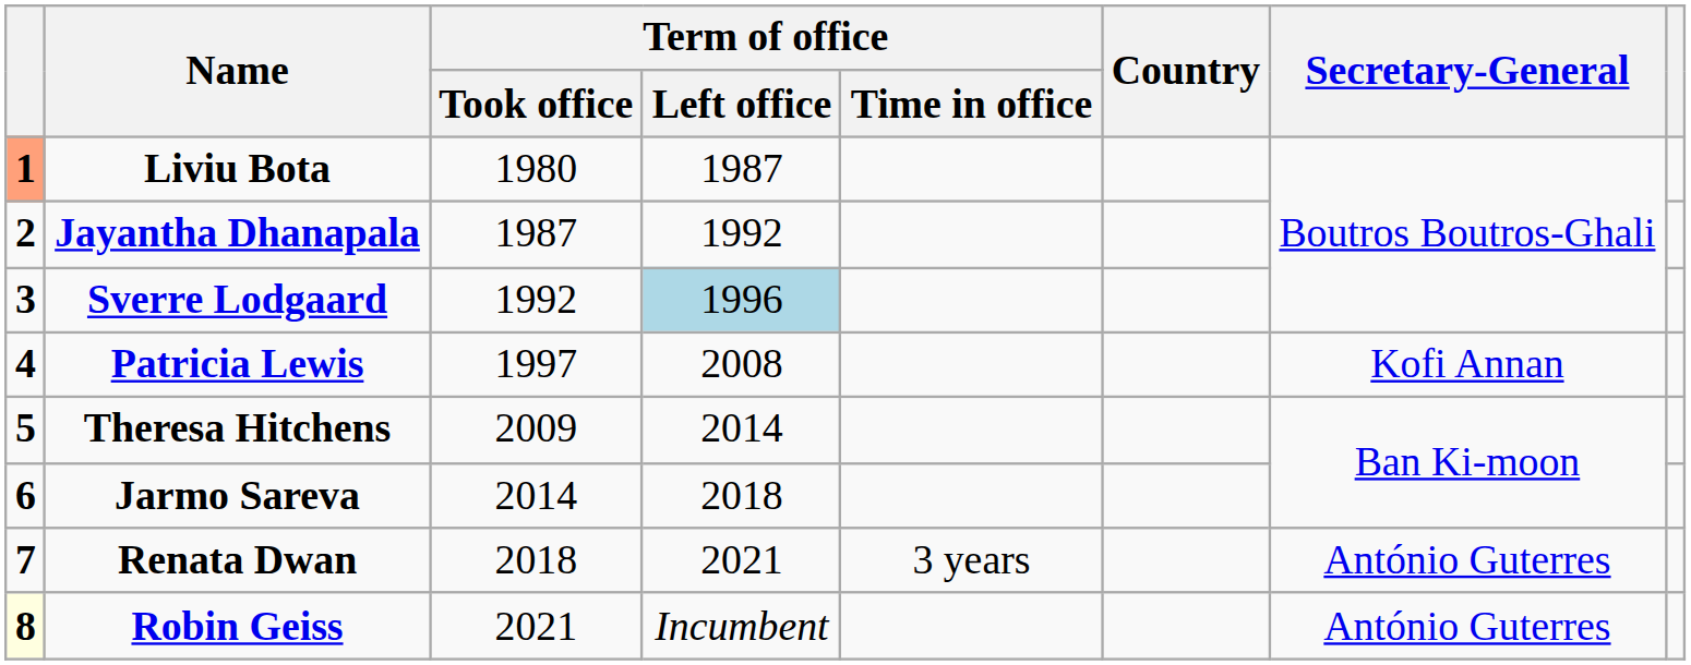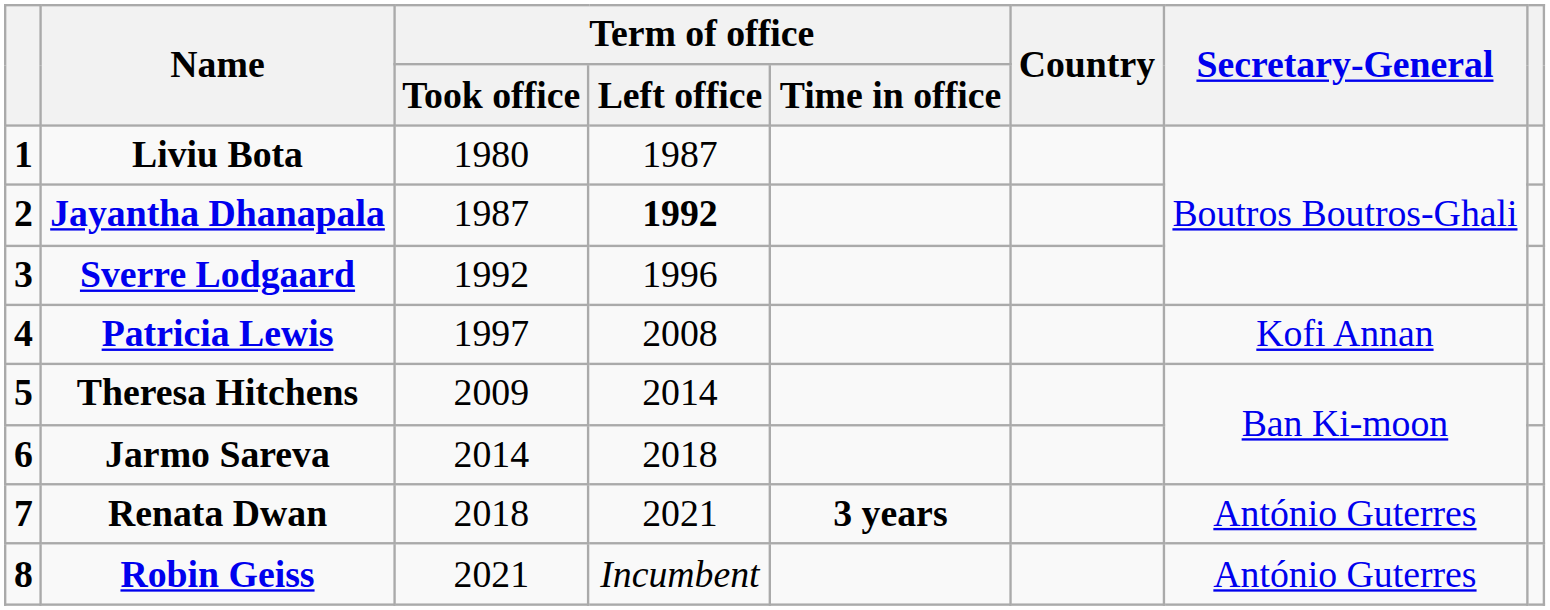 <table class="wikitable" style="text-align:center">
 <tr>
 <th rowspan=2></th>
 <th rowspan=2>Name<br></th>
 <th colspan=3>Term of office</th>
 <th rowspan=2>Country</th>
 <th rowspan=2><a href='#'>Secretary-General</a></th>
 <th rowspan=2></th>
 </tr>
 <tr>
 <th>Took office</th>
 <th>Left office</th>
 <th>Time in office</th>
 </tr>
 <tr>
-<td style="background: lightsalmon;"><strong>1</strong></td>
+<td><strong>1</strong></td>
 <td><strong>Liviu Bota</strong><br></td>
 <td>1980</td>
 <td>1987</td>
 <td></td>
 <td></td>
 <td rowspan="3"><a href='#'>Boutros Boutros-Ghali</a></td>
 <td></td>
 </tr>
 <tr>
 <td><strong>2</strong></td>
 <td><strong><a href='#'>Jayantha Dhanapala</a></strong><br></td>
 <td>1987</td>
-<td>1992</td>
+<td><strong>1992</strong></td>
 <td></td>
 <td></td>
 <td></td>
 </tr>
 <tr>
 <td><strong>3</strong></td>
 <td><strong><a href='#'>Sverre Lodgaard</a></strong><br></td>
 <td>1992</td>
-<td style="background: lightblue;">1996</td>
+<td>1996</td>
 <td></td>
 <td></td>
 <td></td>
 </tr>
 <tr>
 <td><strong>4</strong></td>
 <td><strong><a href='#'> Patricia Lewis</a></strong><br></td>
 <td>1997</td>
 <td>2008</td>
 <td></td>
 <td></td>
 <td><a href='#'>Kofi Annan</a></td>
 <td></td>
 </tr>
 <tr>
 <td><strong>5</strong></td>
 <td><strong>Theresa Hitchens</strong><br></td>
 <td>2009</td>
 <td>2014</td>
 <td></td>
 <td></td>
 <td rowspan="2"><a href='#'>Ban Ki-moon</a></td>
 <td></td>
 </tr>
 <tr>
 <td><strong>6</strong></td>
 <td><strong>Jarmo Sareva</strong><br></td>
 <td>2014</td>
 <td>2018</td>
 <td></td>
 <td></td>
 <td></td>
 </tr>
 <tr>
 <td><strong>7</strong></td>
 <td><strong>Renata Dwan</strong><br></td>
 <td>2018</td>
 <td>2021</td>
-<td>3 years</td>
+<td><strong>3 years</strong></td>
 <td></td>
 <td><a href='#'>António Guterres</a></td>
 <td></td>
 </tr>
 <tr>
-<td style="background: lightyellow;"><strong>8</strong></td>
+<td><strong>8</strong></td>
 <td><strong><a href='#'>Robin Geiss</a></strong><br></td>
 <td>2021</td>
 <td><em>Incumbent</em></td>
 <td></td>
 <td></td>
 <td><a href='#'>António Guterres</a></td>
 <td></td>
 </tr>
 </table>
